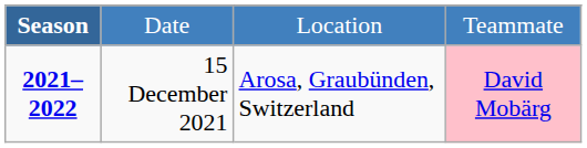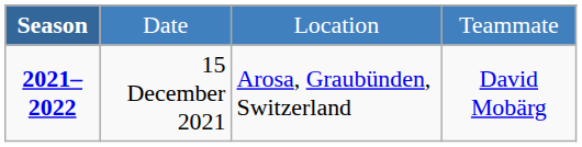 <table class="wikitable"  style="font-size:95%; text-align:center; border:gray solid 1px; width:58%;">
 <tr style="background:#369; color:white;">
 <td rowspan="2" style="width:8%;"><strong>Season</strong></td>
 </tr>
 <tr style="background:#4180be; color:white;">
 <td width="14%">Date</td>
 <td width="29%">Location</td>
 <td width="15%">Teammate</td>
 </tr>
 <tr>
 <td rowspan="1" style="text-align:center;"><strong><a href='#'>2021–2022</a></strong></td>
 <td align=right>15 December 2021</td>
 <td align=left> <a href='#'>Arosa</a>, <a href='#'>Graubünden</a>, Switzerland</td>
-<td style="background: pink;"><a href='#'>David Mobärg</a></td>
+<td><a href='#'>David Mobärg</a></td>
 </tr>
 </table>
